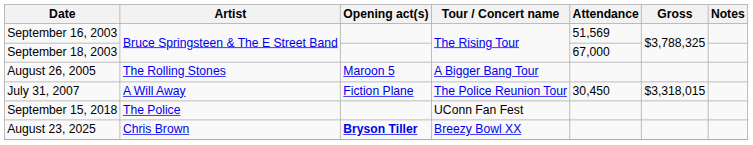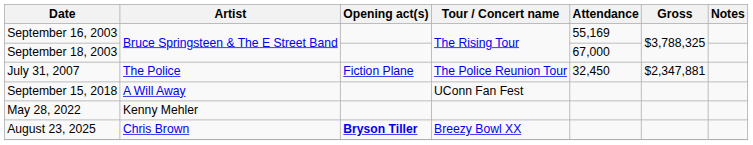 <table class="wikitable" style=font-size:100% style="text-align:center">
 <tr>
 <th>Date</th>
 <th>Artist</th>
 <th>Opening act(s)</th>
 <th>Tour / Concert name</th>
 <th>Attendance</th>
 <th>Gross</th>
 <th>Notes</th>
 </tr>
 <tr>
 <td>September 16, 2003</td>
 <td rowspan="2"><a href='#'>Bruce Springsteen & The E Street Band</a></td>
 <td></td>
 <td rowspan="2"><a href='#'>The Rising Tour</a></td>
-<td>51,569</td>
+<td>55,169</td>
 <td rowspan="2">$3,788,325</td>
 <td></td>
 </tr>
 <tr>
 <td>September 18, 2003</td>
 <td></td>
 <td>67,000</td>
 <td></td>
 </tr>
 <tr>
-<td>August 26, 2005</td>
-<td><a href='#'>The Rolling Stones</a></td>
-<td><a href='#'>Maroon 5</a></td>
-<td><a href='#'>A Bigger Bang Tour</a></td>
+<td>July 31, 2007</td>
+<td><a href='#'>The Police</a></td>
+<td><a href='#'>Fiction Plane</a></td>
+<td><a href='#'>The Police Reunion Tour</a></td>
+<td>32,450</td>
+<td>$2,347,881</td>
+<td></td>
+</tr>
+<tr>
+<td>September 15, 2018</td>
+<td><a href='#'>A Will Away</a></td>
+<td></td>
+<td>UConn Fan Fest</td>
 <td></td>
 <td></td>
 <td></td>
 </tr>
 <tr>
-<td>July 31, 2007</td>
-<td><a href='#'>A Will Away</a></td>
-<td><a href='#'>Fiction Plane</a></td>
-<td><a href='#'>The Police Reunion Tour</a></td>
-<td>30,450</td>
-<td>$3,318,015</td>
+<td>May 28, 2022</td>
+<td>Kenny Mehler</td>
 <td></td>
-</tr>
-<tr>
-<td>September 15, 2018</td>
-<td><a href='#'>The Police</a></td>
 <td></td>
-<td>UConn Fan Fest</td>
 <td></td>
 <td></td>
 <td></td>
 </tr>
 <tr>
 <td>August 23, 2025</td>
 <td><a href='#'>Chris Brown</a></td>
 <td><strong><a href='#'>Bryson Tiller</a></strong></td>
 <td><a href='#'>Breezy Bowl XX</a></td>
 <td></td>
 <td></td>
 <td></td>
 </tr>
 <tr>
 </tr>
 </table>
